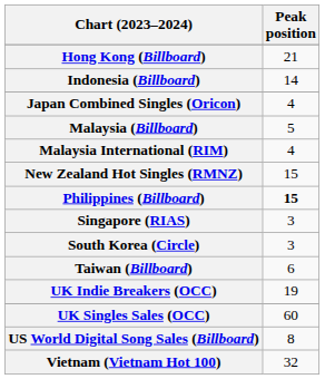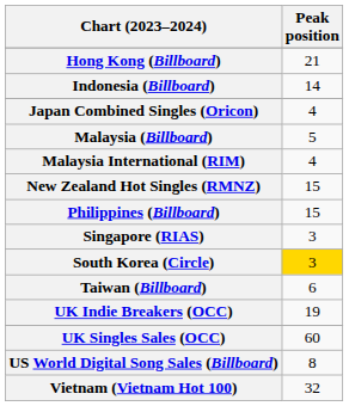 <table class="wikitable sortable plainrowheaders" style="text-align:center">
 <tr>
 <th scope="col">Chart (2023–2024)</th>
 <th scope="col">Peak<br>position</th>
 </tr>
 <tr>
 </tr>
 <tr>
 <th scope="row"><a href='#'>Hong Kong</a> (<em><a href='#'>Billboard</a></em>)</th>
 <td>21</td>
 </tr>
 <tr>
 <th scope="row">Indonesia (<em><a href='#'>Billboard</a></em>)</th>
 <td>14</td>
 </tr>
 <tr>
 </tr>
 <tr>
 <th scope="row">Japan Combined Singles (<a href='#'>Oricon</a>)</th>
 <td>4</td>
 </tr>
 <tr>
 <th scope="row">Malaysia (<em><a href='#'>Billboard</a></em>)</th>
 <td>5</td>
 </tr>
 <tr>
 <th scope="row">Malaysia International (<a href='#'>RIM</a>)</th>
 <td>4</td>
 </tr>
 <tr>
 <th scope="row">New Zealand Hot Singles (<a href='#'>RMNZ</a>)</th>
 <td>15</td>
 </tr>
 <tr>
 <th scope="row"><a href='#'>Philippines</a> (<em><a href='#'>Billboard</a></em>)</th>
-<td><strong>15</strong></td>
+<td>15</td>
 </tr>
 <tr>
 <th scope="row">Singapore (<a href='#'>RIAS</a>)</th>
 <td>3</td>
 </tr>
 <tr>
 <th scope="row">South Korea (<a href='#'>Circle</a>)</th>
-<td>3</td>
+<td style="background: gold;">3</td>
 </tr>
 <tr>
 <th scope="row">Taiwan (<em><a href='#'>Billboard</a></em>)</th>
 <td>6</td>
 </tr>
 <tr>
 <th scope="row"><a href='#'>UK Indie Breakers</a> (<a href='#'>OCC</a>)</th>
 <td>19</td>
 </tr>
 <tr>
 </tr>
 <tr>
 <th scope="row"><a href='#'>UK Singles Sales</a> (<a href='#'>OCC</a>)</th>
 <td>60</td>
 </tr>
 <tr>
 <th scope="row">US <a href='#'>World Digital Song Sales</a> (<em><a href='#'>Billboard</a></em>)</th>
 <td>8</td>
 </tr>
 <tr>
 <th scope="row">Vietnam (<a href='#'>Vietnam Hot 100</a>)</th>
 <td>32</td>
 </tr>
 </table>
